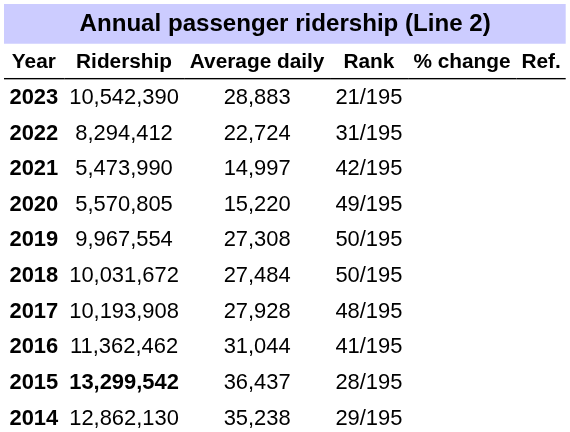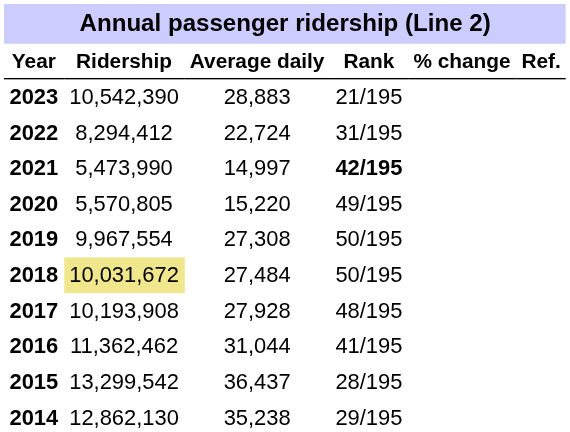 <table class="toccolours" cellpadding="4" cellspacing="0" style="text-align:right;">
 <tr>
 <th colspan="6"  style="background-color:#ccf; background-color:#ccf; font-size:110%; text-align:center;">Annual passenger ridership (Line 2)</th>
 </tr>
 <tr style="font-size:95%; text-align:center">
 <th style="border-bottom:1px solid black">Year</th>
 <th style="border-bottom:1px solid black">Ridership</th>
 <th style="border-bottom:1px solid black">Average daily</th>
 <th style="border-bottom:1px solid black">Rank</th>
 <th style="border-bottom:1px solid black">% change</th>
 <th style="border-bottom:1px solid black">Ref.</th>
 </tr>
 <tr style="text-align:center;">
 <td><strong>2023</strong></td>
 <td>10,542,390</td>
 <td>28,883</td>
 <td>21/195</td>
 <td></td>
 <td></td>
 </tr>
 <tr style="text-align:center;">
 <td><strong>2022</strong></td>
 <td>8,294,412</td>
 <td>22,724</td>
 <td>31/195</td>
 <td></td>
 <td></td>
 </tr>
 <tr style="text-align:center;">
 <td><strong>2021</strong></td>
 <td>5,473,990</td>
 <td>14,997</td>
-<td>42/195</td>
+<td><strong>42/195</strong></td>
 <td></td>
 <td></td>
 </tr>
 <tr style="text-align:center;">
 <td><strong>2020</strong></td>
 <td>5,570,805</td>
 <td>15,220</td>
 <td>49/195</td>
 <td></td>
 <td></td>
 </tr>
 <tr style="text-align:center;">
 <td><strong>2019</strong></td>
 <td>9,967,554</td>
 <td>27,308</td>
 <td>50/195</td>
 <td></td>
 <td></td>
 </tr>
 <tr style="text-align:center;">
 <td><strong>2018</strong></td>
-<td>10,031,672</td>
+<td style="background: khaki;">10,031,672</td>
 <td>27,484</td>
 <td>50/195</td>
 <td></td>
 <td></td>
 </tr>
 <tr style="text-align:center;">
 <td><strong>2017</strong></td>
 <td>10,193,908</td>
 <td>27,928</td>
 <td>48/195</td>
 <td></td>
 <td></td>
 </tr>
 <tr style="text-align:center;">
 <td><strong>2016</strong></td>
 <td>11,362,462</td>
 <td>31,044</td>
 <td>41/195</td>
 <td></td>
 <td></td>
 </tr>
 <tr style="text-align:center;">
 <td><strong>2015</strong></td>
-<td><strong>13,299,542</strong></td>
+<td>13,299,542</td>
 <td>36,437</td>
 <td>28/195</td>
 <td></td>
 <td></td>
 </tr>
 <tr style="text-align:center;">
 <td><strong>2014</strong></td>
 <td>12,862,130</td>
 <td>35,238</td>
 <td>29/195</td>
 <td></td>
 <td></td>
 </tr>
 </table>
